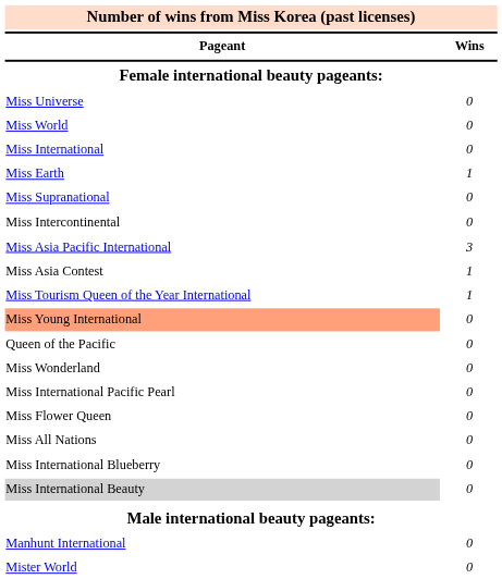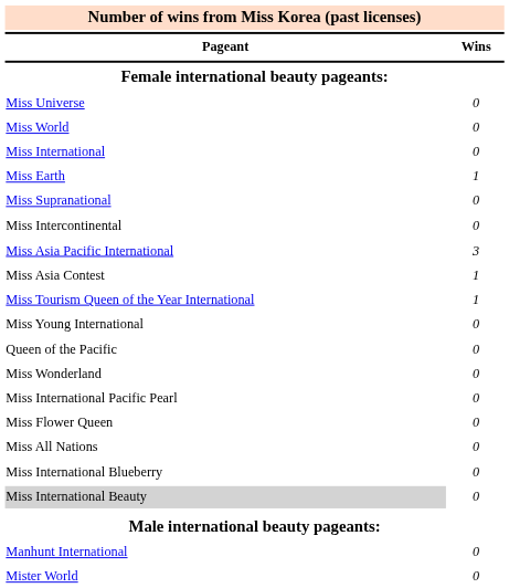 <table class="toccolours" style="width: 30em; float:right; margin-left:1em; font-size:80%; line-height:1.5em; width:30%;">
 <tr>
 <th colspan="2" align="center" style="background:#FFDDCA;"><big>Number of wins from Miss Korea (past licenses)</big></th>
 </tr>
 <tr>
 <td colspan="2" style="background:black"></td>
 </tr>
 <tr>
 <th scope="col">Pageant</th>
 <th scope="col">Wins</th>
 </tr>
 <tr>
 <td colspan="2" style="background:black"></td>
 </tr>
 <tr>
 <th colspan="2" align="center"><big>Female international beauty pageants:</big></th>
 </tr>
 <tr>
 <td align="left"><a href='#'>Miss Universe</a></td>
 <td align="center"><em>0</em></td>
 </tr>
 <tr>
 <td align="left"><a href='#'>Miss World</a></td>
 <td align="center"><em>0</em></td>
 </tr>
 <tr>
 <td align="left"><a href='#'>Miss International</a></td>
 <td align="center"><em>0</em></td>
 </tr>
 <tr>
 <td align="left"><a href='#'>Miss Earth</a></td>
 <td align="center"><em>1</em></td>
 </tr>
 <tr>
 <td align="left"><a href='#'>Miss Supranational</a></td>
 <td align="center"><em>0</em></td>
 </tr>
 <tr>
 <td align="left">Miss Intercontinental</td>
 <td align="center"><em>0</em></td>
 </tr>
 <tr>
 <td align="left"><a href='#'>Miss Asia Pacific International</a></td>
 <td align="center"><em>3</em></td>
 </tr>
 <tr>
 <td align="left">Miss Asia Contest</td>
 <td align="center"><em>1</em></td>
 </tr>
 <tr>
 <td align="left"><a href='#'>Miss Tourism Queen of the Year International</a></td>
 <td align="center"><em>1</em></td>
 </tr>
 <tr>
-<td align="left" style="background: lightsalmon;">Miss Young International</td>
+<td align="left">Miss Young International</td>
 <td align="center"><em>0</em></td>
 </tr>
 <tr>
 <td align="left">Queen of the Pacific</td>
 <td align="center"><em>0</em></td>
 </tr>
 <tr>
 <td align="left">Miss Wonderland</td>
 <td align="center"><em>0</em></td>
 </tr>
 <tr>
 <td align="left">Miss International Pacific Pearl</td>
 <td align="center"><em>0</em></td>
 </tr>
 <tr>
 <td align="left">Miss Flower Queen</td>
 <td align="center"><em>0</em></td>
 </tr>
 <tr>
 <td align="left">Miss All Nations</td>
 <td align="center"><em>0</em></td>
 </tr>
 <tr>
 <td align="left">Miss International Blueberry</td>
 <td align="center"><em>0</em></td>
 </tr>
 <tr>
 <td align="left" style="background: lightgrey;">Miss International Beauty</td>
 <td align="center"><em>0</em></td>
 </tr>
 <tr>
 <td colspan=2></td>
 </tr>
 <tr>
 <th colspan="2" align="center"><big>Male international beauty pageants:</big></th>
 </tr>
 <tr>
 <td><a href='#'>Manhunt International</a></td>
 <td align="center"><em>0</em></td>
 </tr>
 <tr>
 <td><a href='#'>Mister World</a></td>
 <td align="center"><em>0</em></td>
 </tr>
 </table>
